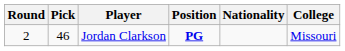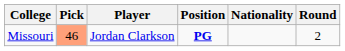 <table class="wikitable sortable sortable">
 <tr>
-<th>Round</th>
+<th>College</th>
 <th>Pick</th>
 <th>Player</th>
 <th>Position</th>
 <th>Nationality</th>
-<th>College</th>
+<th>Round</th>
 </tr>
 <tr style="text-align: center">
-<td>2</td>
-<td>46</td>
+<td><a href='#'>Missouri</a></td>
+<td style="background: lightsalmon;">46</td>
 <td><a href='#'>Jordan Clarkson</a></td>
 <td><strong><a href='#'>PG</a></strong></td>
 <td></td>
-<td><a href='#'>Missouri</a></td>
+<td>2</td>
 </tr>
 </table>
